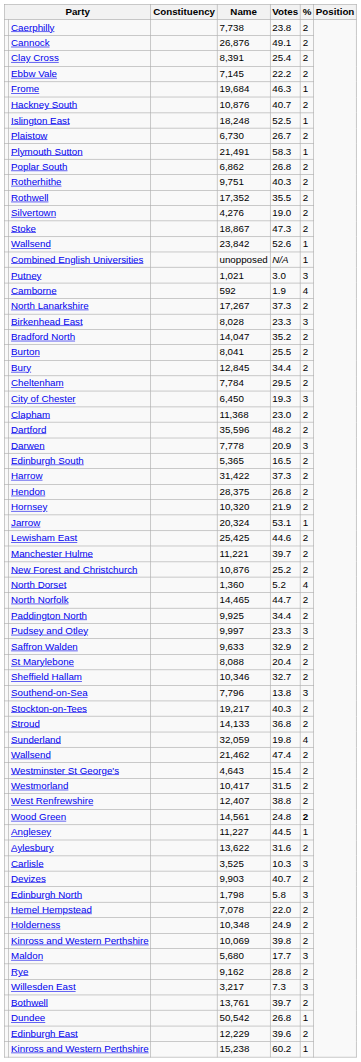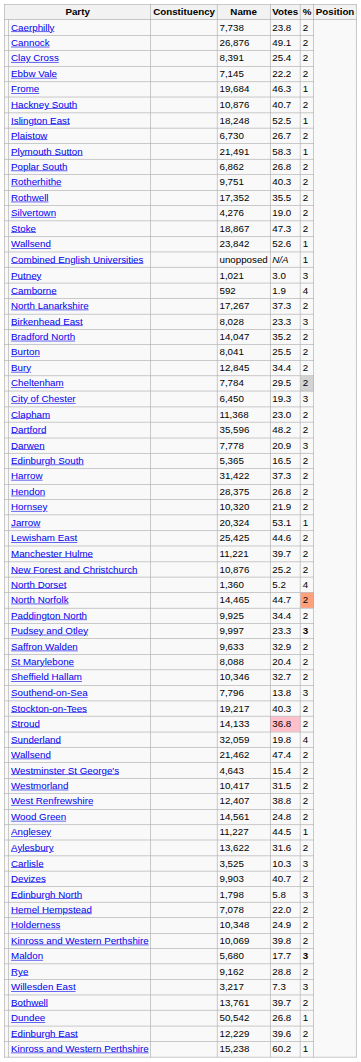 <table class="wikitable sortable">
 <tr>
 <th colspan=2>Party</th>
 <th>Constituency</th>
 <th>Name</th>
 <th>Votes</th>
 <th>%</th>
 <th>Position</th>
 </tr>
 <tr>
 <td></td>
 <td><a href='#'>Caerphilly</a></td>
 <td></td>
 <td>7,738</td>
 <td>23.8</td>
 <td>2</td>
 </tr>
 <tr>
 <td></td>
 <td><a href='#'>Cannock</a></td>
 <td></td>
 <td>26,876</td>
 <td>49.1</td>
 <td>2</td>
 </tr>
 <tr>
 <td></td>
 <td><a href='#'>Clay Cross</a></td>
 <td></td>
 <td>8,391</td>
 <td>25.4</td>
 <td>2</td>
 </tr>
 <tr>
 <td></td>
 <td><a href='#'>Ebbw Vale</a></td>
 <td></td>
 <td>7,145</td>
 <td>22.2</td>
 <td>2</td>
 </tr>
 <tr>
 <td></td>
 <td><a href='#'>Frome</a></td>
 <td></td>
 <td>19,684</td>
 <td>46.3</td>
 <td>1</td>
 </tr>
 <tr>
 <td></td>
 <td><a href='#'>Hackney South</a></td>
 <td></td>
 <td>10,876</td>
 <td>40.7</td>
 <td>2</td>
 </tr>
 <tr>
 <td></td>
 <td><a href='#'>Islington East</a></td>
 <td></td>
 <td>18,248</td>
 <td>52.5</td>
 <td>1</td>
 </tr>
 <tr>
 <td></td>
 <td><a href='#'>Plaistow</a></td>
 <td></td>
 <td>6,730</td>
 <td>26.7</td>
 <td>2</td>
 </tr>
 <tr>
 <td></td>
 <td><a href='#'>Plymouth Sutton</a></td>
 <td></td>
 <td>21,491</td>
 <td>58.3</td>
 <td>1</td>
 </tr>
 <tr>
 <td></td>
 <td><a href='#'>Poplar South</a></td>
 <td></td>
 <td>6,862</td>
 <td>26.8</td>
 <td>2</td>
 </tr>
 <tr>
 <td></td>
 <td><a href='#'>Rotherhithe</a></td>
 <td></td>
 <td>9,751</td>
 <td>40.3</td>
 <td>2</td>
 </tr>
 <tr>
 <td></td>
 <td><a href='#'>Rothwell</a></td>
 <td></td>
 <td>17,352</td>
 <td>35.5</td>
 <td>2</td>
 </tr>
 <tr>
 <td></td>
 <td><a href='#'>Silvertown</a></td>
 <td></td>
 <td>4,276</td>
 <td>19.0</td>
 <td>2</td>
 </tr>
 <tr>
 <td></td>
 <td><a href='#'>Stoke</a></td>
 <td></td>
 <td>18,867</td>
 <td>47.3</td>
 <td>2</td>
 </tr>
 <tr>
 <td></td>
 <td><a href='#'>Wallsend</a></td>
 <td></td>
 <td>23,842</td>
 <td>52.6</td>
 <td>1</td>
 </tr>
 <tr>
 <td></td>
 <td><a href='#'>Combined English Universities</a></td>
 <td></td>
 <td>unopposed</td>
 <td><em>N/A</em></td>
 <td>1</td>
 </tr>
 <tr>
 <td></td>
 <td><a href='#'>Putney</a></td>
 <td></td>
 <td>1,021</td>
 <td>3.0</td>
 <td>3</td>
 </tr>
 <tr>
 <td></td>
 <td><a href='#'>Camborne</a></td>
 <td></td>
 <td>592</td>
 <td>1.9</td>
 <td>4</td>
 </tr>
 <tr>
 <td></td>
 <td><a href='#'>North Lanarkshire</a></td>
 <td></td>
 <td>17,267</td>
 <td>37.3</td>
 <td>2</td>
 </tr>
 <tr>
 <td></td>
 <td><a href='#'>Birkenhead East</a></td>
 <td></td>
 <td>8,028</td>
 <td>23.3</td>
 <td>3</td>
 </tr>
 <tr>
 <td></td>
 <td><a href='#'>Bradford North</a></td>
 <td></td>
 <td>14,047</td>
 <td>35.2</td>
 <td>2</td>
 </tr>
 <tr>
 <td></td>
 <td><a href='#'>Burton</a></td>
 <td></td>
 <td>8,041</td>
 <td>25.5</td>
 <td>2</td>
 </tr>
 <tr>
 <td></td>
 <td><a href='#'>Bury</a></td>
 <td></td>
 <td>12,845</td>
 <td>34.4</td>
 <td>2</td>
 </tr>
 <tr>
 <td></td>
 <td><a href='#'>Cheltenham</a></td>
 <td></td>
 <td>7,784</td>
 <td>29.5</td>
-<td>2</td>
+<td style="background: lightgrey;">2</td>
 </tr>
 <tr>
 <td></td>
 <td><a href='#'>City of Chester</a></td>
 <td></td>
 <td>6,450</td>
 <td>19.3</td>
 <td>3</td>
 </tr>
 <tr>
 <td></td>
 <td><a href='#'>Clapham</a></td>
 <td></td>
 <td>11,368</td>
 <td>23.0</td>
 <td>2</td>
 </tr>
 <tr>
 <td></td>
 <td><a href='#'>Dartford</a></td>
 <td></td>
 <td>35,596</td>
 <td>48.2</td>
 <td>2</td>
 </tr>
 <tr>
 <td></td>
 <td><a href='#'>Darwen</a></td>
 <td></td>
 <td>7,778</td>
 <td>20.9</td>
 <td>3</td>
 </tr>
 <tr>
 <td></td>
 <td><a href='#'>Edinburgh South</a></td>
 <td></td>
 <td>5,365</td>
 <td>16.5</td>
 <td>2</td>
 </tr>
 <tr>
 <td></td>
 <td><a href='#'>Harrow</a></td>
 <td></td>
 <td>31,422</td>
 <td>37.3</td>
 <td>2</td>
 </tr>
 <tr>
 <td></td>
 <td><a href='#'>Hendon</a></td>
 <td></td>
 <td>28,375</td>
 <td>26.8</td>
 <td>2</td>
 </tr>
 <tr>
 <td></td>
 <td><a href='#'>Hornsey</a></td>
 <td></td>
 <td>10,320</td>
 <td>21.9</td>
 <td>2</td>
 </tr>
 <tr>
 <td></td>
 <td><a href='#'>Jarrow</a></td>
 <td></td>
 <td>20,324</td>
 <td>53.1</td>
 <td>1</td>
 </tr>
 <tr>
 <td></td>
 <td><a href='#'>Lewisham East</a></td>
 <td></td>
 <td>25,425</td>
 <td>44.6</td>
 <td>2</td>
 </tr>
 <tr>
 <td></td>
 <td><a href='#'>Manchester Hulme</a></td>
 <td></td>
 <td>11,221</td>
 <td>39.7</td>
 <td>2</td>
 </tr>
 <tr>
 <td></td>
 <td><a href='#'>New Forest and Christchurch</a></td>
 <td></td>
 <td>10,876</td>
 <td>25.2</td>
 <td>2</td>
 </tr>
 <tr>
 <td></td>
 <td><a href='#'>North Dorset</a></td>
 <td></td>
 <td>1,360</td>
 <td>5.2</td>
 <td>4</td>
 </tr>
 <tr>
 <td></td>
 <td><a href='#'>North Norfolk</a></td>
 <td></td>
 <td>14,465</td>
 <td>44.7</td>
-<td>2</td>
+<td style="background: lightsalmon;">2</td>
 </tr>
 <tr>
 <td></td>
 <td><a href='#'>Paddington North</a></td>
 <td></td>
 <td>9,925</td>
 <td>34.4</td>
 <td>2</td>
 </tr>
 <tr>
 <td></td>
 <td><a href='#'>Pudsey and Otley</a></td>
 <td></td>
 <td>9,997</td>
 <td>23.3</td>
-<td>3</td>
+<td><strong>3</strong></td>
 </tr>
 <tr>
 <td></td>
 <td><a href='#'>Saffron Walden</a></td>
 <td></td>
 <td>9,633</td>
 <td>32.9</td>
 <td>2</td>
 </tr>
 <tr>
 <td></td>
 <td><a href='#'>St Marylebone</a></td>
 <td></td>
 <td>8,088</td>
 <td>20.4</td>
 <td>2</td>
 </tr>
 <tr>
 <td></td>
 <td><a href='#'>Sheffield Hallam</a></td>
 <td></td>
 <td>10,346</td>
 <td>32.7</td>
 <td>2</td>
 </tr>
 <tr>
 <td></td>
 <td><a href='#'>Southend-on-Sea</a></td>
 <td></td>
 <td>7,796</td>
 <td>13.8</td>
 <td>3</td>
 </tr>
 <tr>
 <td></td>
 <td><a href='#'>Stockton-on-Tees</a></td>
 <td></td>
 <td>19,217</td>
 <td>40.3</td>
 <td>2</td>
 </tr>
 <tr>
 <td></td>
 <td><a href='#'>Stroud</a></td>
 <td></td>
 <td>14,133</td>
-<td>36.8</td>
+<td style="background: pink;">36.8</td>
 <td>2</td>
 </tr>
 <tr>
 <td></td>
 <td><a href='#'>Sunderland</a></td>
 <td></td>
 <td>32,059</td>
 <td>19.8</td>
 <td>4</td>
 </tr>
 <tr>
 <td></td>
 <td><a href='#'>Wallsend</a></td>
 <td></td>
 <td>21,462</td>
 <td>47.4</td>
 <td>2</td>
 </tr>
 <tr>
 <td></td>
 <td><a href='#'>Westminster St George's</a></td>
 <td></td>
 <td>4,643</td>
 <td>15.4</td>
 <td>2</td>
 </tr>
 <tr>
 <td></td>
 <td><a href='#'>Westmorland</a></td>
 <td></td>
 <td>10,417</td>
 <td>31.5</td>
 <td>2</td>
 </tr>
 <tr>
 <td></td>
 <td><a href='#'>West Renfrewshire</a></td>
 <td></td>
 <td>12,407</td>
 <td>38.8</td>
 <td>2</td>
 </tr>
 <tr>
 <td></td>
 <td><a href='#'>Wood Green</a></td>
 <td></td>
 <td>14,561</td>
 <td>24.8</td>
-<td><strong>2</strong></td>
+<td>2</td>
 </tr>
 <tr>
 <td></td>
 <td><a href='#'>Anglesey</a></td>
 <td></td>
 <td>11,227</td>
 <td>44.5</td>
 <td>1</td>
 </tr>
 <tr>
 <td></td>
 <td><a href='#'>Aylesbury</a></td>
 <td></td>
 <td>13,622</td>
 <td>31.6</td>
 <td>2</td>
 </tr>
 <tr>
 <td></td>
 <td><a href='#'>Carlisle</a></td>
 <td></td>
 <td>3,525</td>
 <td>10.3</td>
 <td>3</td>
 </tr>
 <tr>
 <td></td>
 <td><a href='#'>Devizes</a></td>
 <td></td>
 <td>9,903</td>
 <td>40.7</td>
 <td>2</td>
 </tr>
 <tr>
 <td></td>
 <td><a href='#'>Edinburgh North</a></td>
 <td></td>
 <td>1,798</td>
 <td>5.8</td>
 <td>3</td>
 </tr>
 <tr>
 <td></td>
 <td><a href='#'>Hemel Hempstead</a></td>
 <td></td>
 <td>7,078</td>
 <td>22.0</td>
 <td>2</td>
 </tr>
 <tr>
 <td></td>
 <td><a href='#'>Holderness</a></td>
 <td></td>
 <td>10,348</td>
 <td>24.9</td>
 <td>2</td>
 </tr>
 <tr>
 <td></td>
 <td><a href='#'>Kinross and Western Perthshire</a></td>
 <td></td>
 <td>10,069</td>
 <td>39.8</td>
 <td>2</td>
 </tr>
 <tr>
 <td></td>
 <td><a href='#'>Maldon</a></td>
 <td></td>
 <td>5,680</td>
 <td>17.7</td>
-<td>3</td>
+<td><strong>3</strong></td>
 </tr>
 <tr>
 <td></td>
 <td><a href='#'>Rye</a></td>
 <td></td>
 <td>9,162</td>
 <td>28.8</td>
 <td>2</td>
 </tr>
 <tr>
 <td></td>
 <td><a href='#'>Willesden East</a></td>
 <td></td>
 <td>3,217</td>
 <td>7.3</td>
 <td>3</td>
 </tr>
 <tr>
 <td></td>
 <td><a href='#'>Bothwell</a></td>
 <td></td>
 <td>13,761</td>
 <td>39.7</td>
 <td>2</td>
 </tr>
 <tr>
 <td></td>
 <td><a href='#'>Dundee</a></td>
 <td></td>
 <td>50,542</td>
 <td>26.8</td>
 <td>1</td>
 </tr>
 <tr>
 <td></td>
 <td><a href='#'>Edinburgh East</a></td>
 <td></td>
 <td>12,229</td>
 <td>39.6</td>
 <td>2</td>
 </tr>
 <tr>
 <td></td>
 <td><a href='#'>Kinross and Western Perthshire</a></td>
 <td></td>
 <td>15,238</td>
 <td>60.2</td>
 <td>1</td>
 </tr>
 </table>
